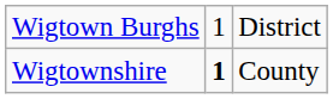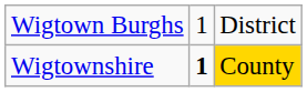 <table class="wikitable sortable">
 <tr>
 <td><a href='#'>Wigtown Burghs</a></td>
 <td align="center">1</td>
 <td>District</td>
 </tr>
 <tr>
 <td><a href='#'>Wigtownshire</a></td>
 <td align="center"><strong>1</strong></td>
-<td>County</td>
+<td style="background: gold;">County</td>
 </tr>
 </table>
